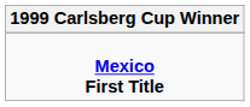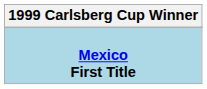 <table class="wikitable" style="text-align: center; margin: 0 auto;">
 <tr>
 <th>1999 Carlsberg Cup Winner</th>
 </tr>
 <tr>
 </tr>
 <tr>
-<td><br><strong><a href='#'>Mexico</a></strong><br><strong>First Title</strong></td>
+<td style="background: lightblue;"><br><strong><a href='#'>Mexico</a></strong><br><strong>First Title</strong></td>
 </tr>
 </table>
